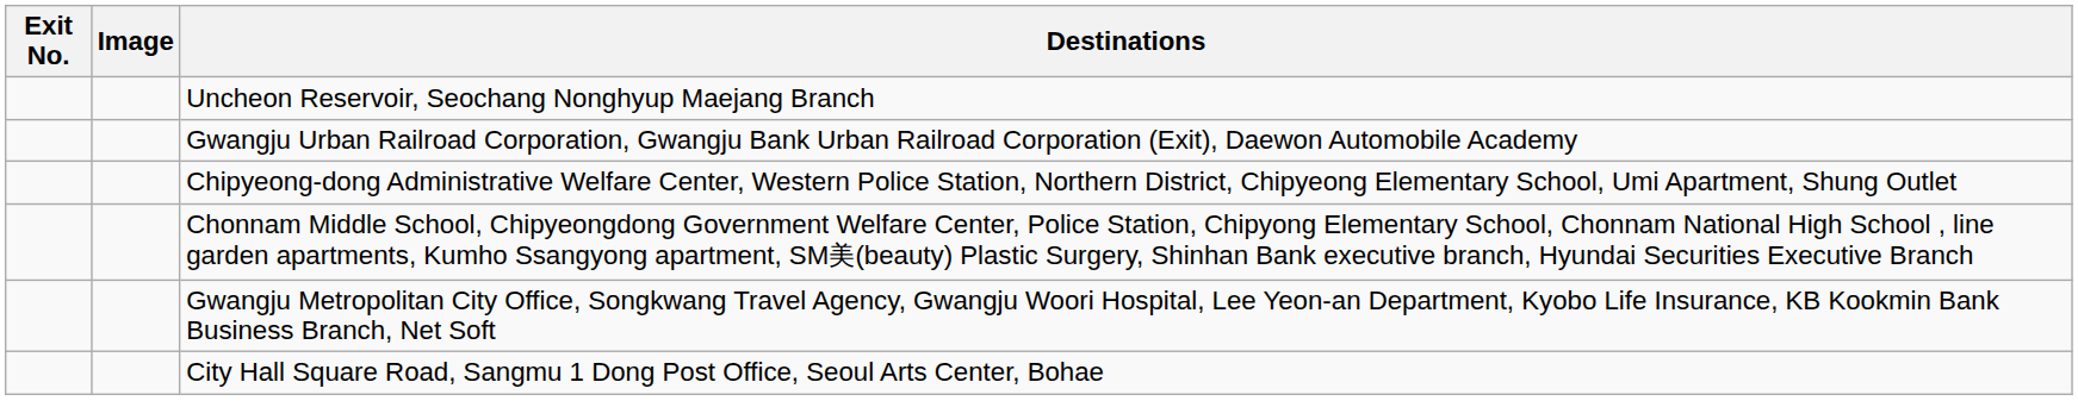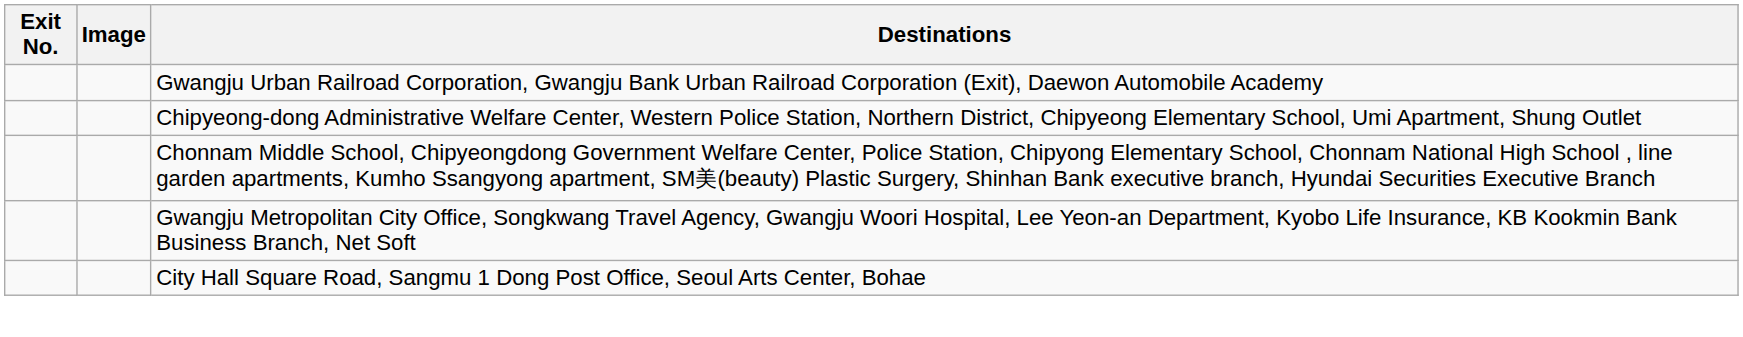 <table class="wikitable">
 <tr>
 <th>Exit No.</th>
 <th>Image</th>
 <th>Destinations</th>
-</tr>
-<tr>
-<td></td>
-<td></td>
-<td>Uncheon Reservoir, Seochang Nonghyup Maejang Branch</td>
 </tr>
 <tr>
 <td></td>
 <td></td>
 <td>Gwangju Urban Railroad Corporation, Gwangju Bank Urban Railroad Corporation (Exit), Daewon Automobile Academy</td>
 </tr>
 <tr>
 <td></td>
 <td></td>
 <td>Chipyeong-dong Administrative Welfare Center, Western Police Station, Northern District, Chipyeong Elementary School, Umi Apartment, Shung Outlet</td>
 </tr>
 <tr>
 <td></td>
 <td></td>
 <td>Chonnam Middle School, Chipyeongdong Government Welfare Center, Police Station, Chipyong Elementary School, Chonnam National High School , line garden apartments, Kumho Ssangyong apartment, SM美(beauty) Plastic Surgery, Shinhan Bank executive branch, Hyundai Securities Executive Branch</td>
 </tr>
 <tr>
 <td></td>
 <td></td>
 <td>Gwangju Metropolitan City Office, Songkwang Travel Agency, Gwangju Woori Hospital, Lee Yeon-an Department, Kyobo Life Insurance, KB Kookmin Bank Business Branch, Net Soft</td>
 </tr>
 <tr>
 <td></td>
 <td></td>
 <td>City Hall Square Road, Sangmu 1 Dong Post Office, Seoul Arts Center, Bohae</td>
 </tr>
 </table>
